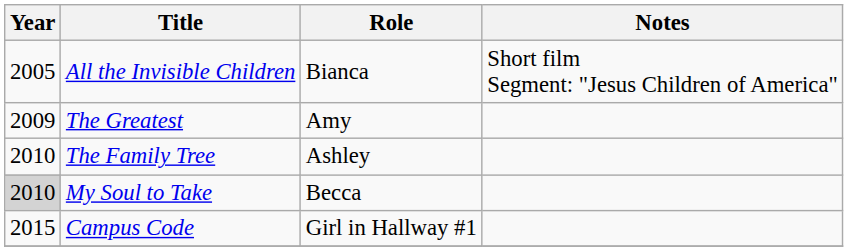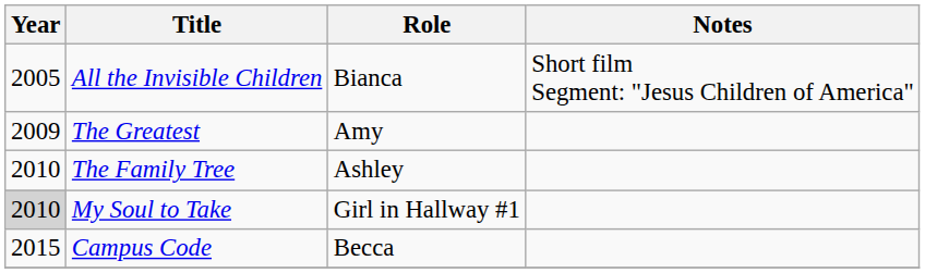 <table class="wikitable sortable">
 <tr>
 <th>Year</th>
 <th>Title</th>
 <th>Role</th>
 <th class="unsortable">Notes</th>
 </tr>
 <tr>
 <td>2005</td>
 <td><em><a href='#'>All the Invisible Children</a></em></td>
 <td>Bianca</td>
 <td>Short film<br>Segment: "Jesus Children of America"</td>
 </tr>
 <tr>
 <td>2009</td>
 <td><em><a href='#'>The Greatest</a></em></td>
 <td>Amy</td>
 <td></td>
 </tr>
 <tr>
 <td>2010</td>
 <td><em><a href='#'>The Family Tree</a></em></td>
 <td>Ashley</td>
 <td></td>
 </tr>
 <tr>
 <td style="background: lightgrey;">2010</td>
 <td><em><a href='#'>My Soul to Take</a></em></td>
-<td>Becca </td>
+<td>Girl in Hallway #1</td>
 <td></td>
 </tr>
 <tr>
 <td>2015</td>
 <td><em><a href='#'>Campus Code</a></em></td>
-<td>Girl in Hallway #1</td>
+<td>Becca </td>
 <td></td>
 </tr>
 <tr>
 </tr>
 </table>
